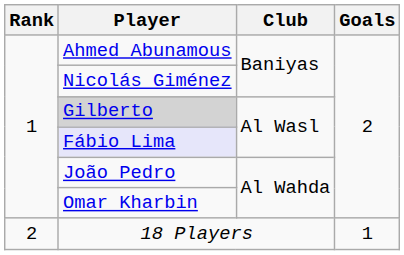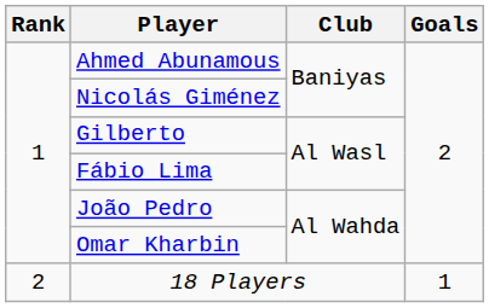 <table class=wikitable>
 <tr>
 <th>Rank</th>
 <th>Player</th>
 <th>Club</th>
 <th>Goals</th>
 </tr>
 <tr>
 <td rowspan=6 align="center">1</td>
 <td align=left> <a href='#'>Ahmed Abunamous</a></td>
 <td rowspan=2 align=left>Baniyas</td>
 <td rowspan=6 align="center">2</td>
 </tr>
 <tr>
 <td align=left> <a href='#'>Nicolás Giménez</a></td>
 </tr>
 <tr>
-<td align=left style="background: lightgrey;"> <a href='#'>Gilberto</a></td>
+<td align=left> <a href='#'>Gilberto</a></td>
 <td rowspan=2 align=left>Al Wasl</td>
 </tr>
 <tr>
-<td align=left style="background: lavender;"> <a href='#'>Fábio Lima</a></td>
+<td align=left> <a href='#'>Fábio Lima</a></td>
 </tr>
 <tr>
 <td align=left> <a href='#'>João Pedro</a></td>
 <td rowspan=2 align=left>Al Wahda</td>
 </tr>
 <tr>
 <td align=left> <a href='#'>Omar Kharbin</a></td>
 </tr>
 <tr>
 <td rowspan=16 align="center">2</td>
 <td colspan=2 align=center><em>18 Players</em></td>
 <td rowspan=16 align="center">1</td>
 </tr>
 </table>
